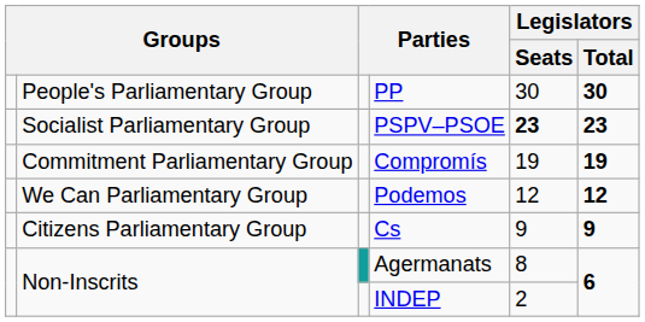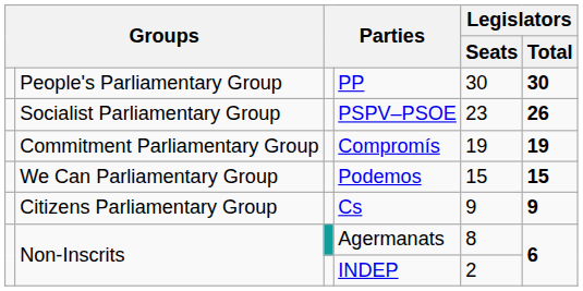 <table class="wikitable" style="text-align:left;">
 <tr>
 <th rowspan="2" colspan="2">Groups</th>
 <th rowspan="2" colspan="2">Parties</th>
 <th colspan="2">Legislators</th>
 </tr>
 <tr>
 <th>Seats</th>
 <th>Total</th>
 </tr>
 <tr>
 <td width="1" style="color:inherit;background:"></td>
 <td>People's Parliamentary Group</td>
 <td width="1" style="color:inherit;background:"></td>
 <td><a href='#'>PP</a></td>
 <td>30</td>
 <td><strong>30</strong></td>
 </tr>
 <tr>
 <td style="color:inherit;background:"></td>
 <td>Socialist Parliamentary Group</td>
 <td style="color:inherit;background:"></td>
 <td><a href='#'>PSPV–PSOE</a></td>
-<td><strong>23</strong></td>
-<td><strong>23</strong></td>
+<td>23</td>
+<td><strong>26</strong></td>
 </tr>
 <tr>
 <td style="color:inherit;background:"></td>
 <td>Commitment Parliamentary Group</td>
 <td style="color:inherit;background:"></td>
 <td><a href='#'>Compromís</a></td>
 <td>19</td>
 <td><strong>19</strong></td>
 </tr>
 <tr>
 <td style="color:inherit;background:"></td>
 <td>We Can Parliamentary Group</td>
 <td style="color:inherit;background:"></td>
 <td><a href='#'>Podemos</a></td>
-<td>12</td>
-<td><strong>12</strong></td>
+<td>15</td>
+<td><strong>15</strong></td>
 </tr>
 <tr>
 <td style="color:inherit;background:"></td>
 <td>Citizens Parliamentary Group</td>
 <td style="color:inherit;background:"></td>
 <td><a href='#'>Cs</a></td>
 <td>9</td>
 <td><strong>9</strong></td>
 </tr>
 <tr>
 <td rowspan="2" style="color:inherit;background:"></td>
 <td rowspan="2">Non-Inscrits</td>
 <td style="color:inherit;background:#0F9E9C"></td>
 <td>Agermanats</td>
 <td>8</td>
 <td rowspan="2"><strong>6</strong></td>
 </tr>
 <tr>
 <td style="color:inherit;background:"></td>
 <td><a href='#'>INDEP</a></td>
 <td>2</td>
 </tr>
 </table>
